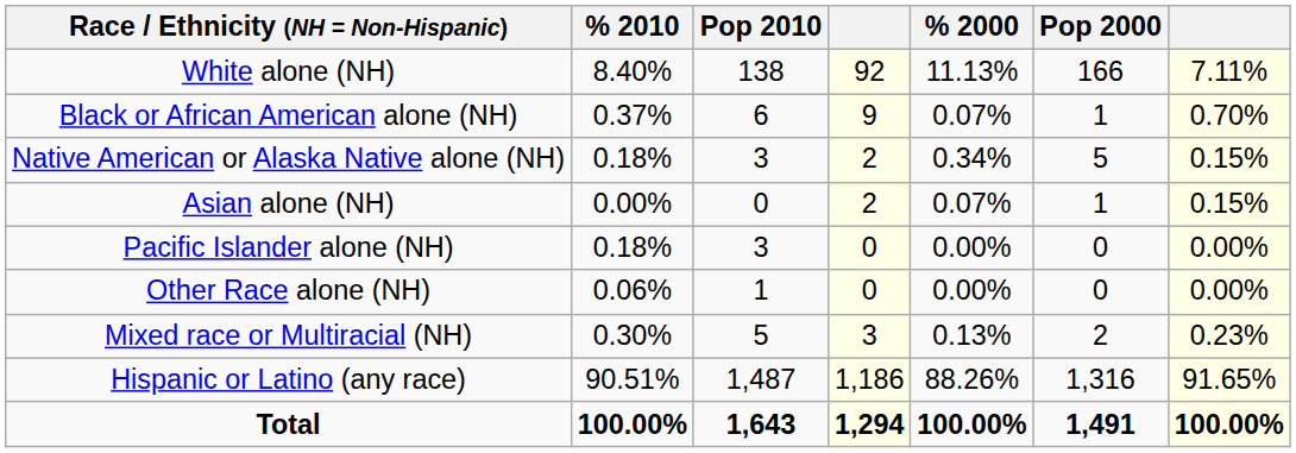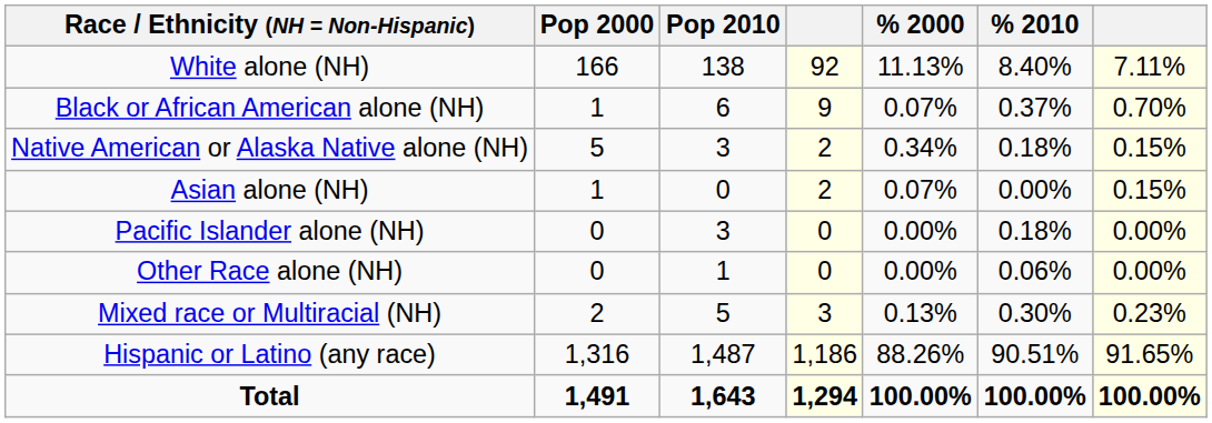 <table class="wikitable" style="text-align:center;">
 <tr>
 <th>Race / Ethnicity <small>(<em>NH = Non-Hispanic</em>)</small></th>
-<th>% 2010</th>
+<th>Pop 2000</th>
 <th>Pop 2010</th>
 <th></th>
 <th>% 2000</th>
-<th>Pop 2000</th>
+<th>% 2010</th>
 <th></th>
 </tr>
 <tr>
 <td><a href='#'>White</a> alone (NH)</td>
-<td>8.40%</td>
+<td>166</td>
 <td>138</td>
 <td style='background: #ffffe6;'>92</td>
 <td>11.13%</td>
-<td>166</td>
+<td>8.40%</td>
 <td style='background: #ffffe6;'>7.11%</td>
 </tr>
 <tr>
 <td><a href='#'>Black or African American</a> alone (NH)</td>
-<td>0.37%</td>
+<td>1</td>
 <td>6</td>
 <td style='background: #ffffe6;'>9</td>
 <td>0.07%</td>
-<td>1</td>
+<td>0.37%</td>
 <td style='background: #ffffe6;'>0.70%</td>
 </tr>
 <tr>
 <td><a href='#'>Native American</a> or <a href='#'>Alaska Native</a> alone (NH)</td>
-<td>0.18%</td>
+<td>5</td>
 <td>3</td>
 <td style='background: #ffffe6;'>2</td>
 <td>0.34%</td>
-<td>5</td>
+<td>0.18%</td>
 <td style='background: #ffffe6;'>0.15%</td>
 </tr>
 <tr>
 <td><a href='#'>Asian</a> alone (NH)</td>
-<td>0.00%</td>
+<td>1</td>
 <td>0</td>
 <td style='background: #ffffe6;'>2</td>
 <td>0.07%</td>
-<td>1</td>
+<td>0.00%</td>
 <td style='background: #ffffe6;'>0.15%</td>
 </tr>
 <tr>
 <td><a href='#'>Pacific Islander</a> alone (NH)</td>
-<td>0.18%</td>
+<td>0</td>
 <td>3</td>
 <td style='background: #ffffe6;'>0</td>
 <td>0.00%</td>
-<td>0</td>
+<td>0.18%</td>
 <td style='background: #ffffe6;'>0.00%</td>
 </tr>
 <tr>
 <td><a href='#'>Other Race</a> alone (NH)</td>
-<td>0.06%</td>
+<td>0</td>
 <td>1</td>
 <td style='background: #ffffe6;'>0</td>
 <td>0.00%</td>
-<td>0</td>
+<td>0.06%</td>
 <td style='background: #ffffe6;'>0.00%</td>
 </tr>
 <tr>
 <td><a href='#'>Mixed race or Multiracial</a> (NH)</td>
-<td>0.30%</td>
+<td>2</td>
 <td>5</td>
 <td style='background: #ffffe6;'>3</td>
 <td>0.13%</td>
-<td>2</td>
+<td>0.30%</td>
 <td style='background: #ffffe6;'>0.23%</td>
 </tr>
 <tr>
 <td><a href='#'>Hispanic or Latino</a> (any race)</td>
-<td>90.51%</td>
+<td>1,316</td>
 <td>1,487</td>
 <td style='background: #ffffe6;'>1,186</td>
 <td>88.26%</td>
-<td>1,316</td>
+<td>90.51%</td>
 <td style='background: #ffffe6;'>91.65%</td>
 </tr>
 <tr>
 <td><strong>Total</strong></td>
-<td><strong>100.00%</strong></td>
+<td><strong>1,491</strong></td>
 <td><strong>1,643</strong></td>
 <td style='background: #ffffe6;'><strong>1,294</strong></td>
 <td><strong>100.00%</strong></td>
-<td><strong>1,491</strong></td>
+<td><strong>100.00%</strong></td>
 <td style='background: #ffffe6;'><strong>100.00%</strong></td>
 </tr>
 </table>
